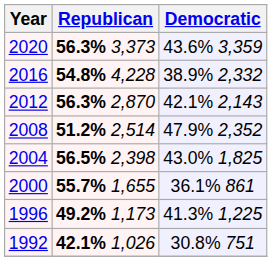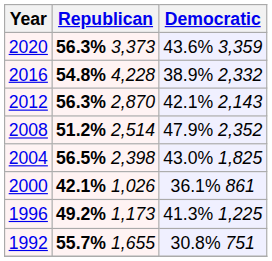 <table class="wikitable" style="font-size: 95%;">
 <tr>
 <th>Year</th>
 <th><a href='#'>Republican</a></th>
 <th><a href='#'>Democratic</a></th>
 </tr>
 <tr>
 <td align="center" bgcolor="#fff3f3"><a href='#'>2020</a></td>
 <td align="center" bgcolor="#fff3f3"><strong>56.3%</strong> <em>3,373</em></td>
 <td align="center" bgcolor="#f0f0ff">43.6% <em>3,359</em></td>
 </tr>
 <tr>
 <td align="center" bgcolor="#fff3f3"><a href='#'>2016</a></td>
 <td align="center" bgcolor="#fff3f3"><strong>54.8%</strong> <em>4,228</em></td>
 <td align="center" bgcolor="#f0f0ff">38.9% <em>2,332</em></td>
 </tr>
 <tr>
 <td align="center" bgcolor="#fff3f3"><a href='#'>2012</a></td>
 <td align="center" bgcolor="#fff3f3"><strong>56.3%</strong> <em>2,870</em></td>
 <td align="center" bgcolor="#f0f0ff">42.1% <em>2,143</em></td>
 </tr>
 <tr>
 <td align="center" bgcolor="#fff3f3"><a href='#'>2008</a></td>
 <td align="center" bgcolor="#fff3f3"><strong>51.2%</strong> <em>2,514</em></td>
 <td align="center" bgcolor="#f0f0ff">47.9% <em>2,352</em></td>
 </tr>
 <tr>
 <td align="center" bgcolor="#fff3f3"><a href='#'>2004</a></td>
 <td align="center" bgcolor="#fff3f3"><strong>56.5%</strong> <em>2,398</em></td>
 <td align="center" bgcolor="#f0f0ff">43.0% <em>1,825</em></td>
 </tr>
 <tr>
 <td align="center" bgcolor="#fff3f3"><a href='#'>2000</a></td>
-<td align="center" bgcolor="#fff3f3"><strong>55.7%</strong> <em>1,655</em></td>
+<td align="center" bgcolor="#fff3f3"><strong>42.1%</strong> <em>1,026</em></td>
 <td align="center" bgcolor="#f0f0ff">36.1% <em>861</em></td>
 </tr>
 <tr>
 <td align="center" bgcolor="#fff3f3"><a href='#'>1996</a></td>
 <td align="center" bgcolor="#fff3f3"><strong>49.2%</strong> <em>1,173</em></td>
 <td align="center" bgcolor="#f0f0ff">41.3% <em>1,225</em></td>
 </tr>
 <tr>
 <td align="center" bgcolor="#fff3f3"><a href='#'>1992</a></td>
-<td align="center" bgcolor="#fff3f3"><strong>42.1%</strong> <em>1,026</em></td>
+<td align="center" bgcolor="#fff3f3"><strong>55.7%</strong> <em>1,655</em></td>
 <td align="center" bgcolor="#f0f0ff">30.8% <em>751</em></td>
 </tr>
 <tr>
 </tr>
 </table>
